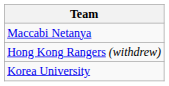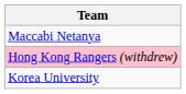 <table class="wikitable" style="text-align:left">
 <tr>
 <th>Team</th>
 </tr>
 <tr>
 <td> <a href='#'>Maccabi Netanya</a></td>
 </tr>
 <tr>
-<td> <a href='#'>Hong Kong Rangers</a> <em>(withdrew)</em></td>
+<td style="background: pink;"> <a href='#'>Hong Kong Rangers</a> <em>(withdrew)</em></td>
 </tr>
 <tr>
 <td> <a href='#'>Korea University</a></td>
 </tr>
 </table>
